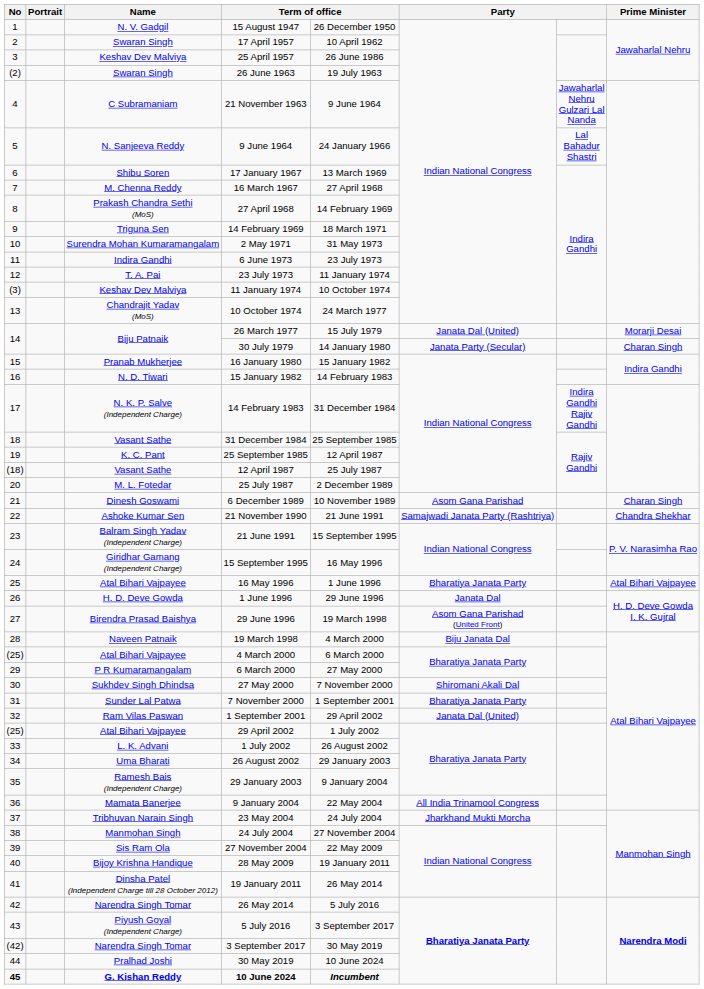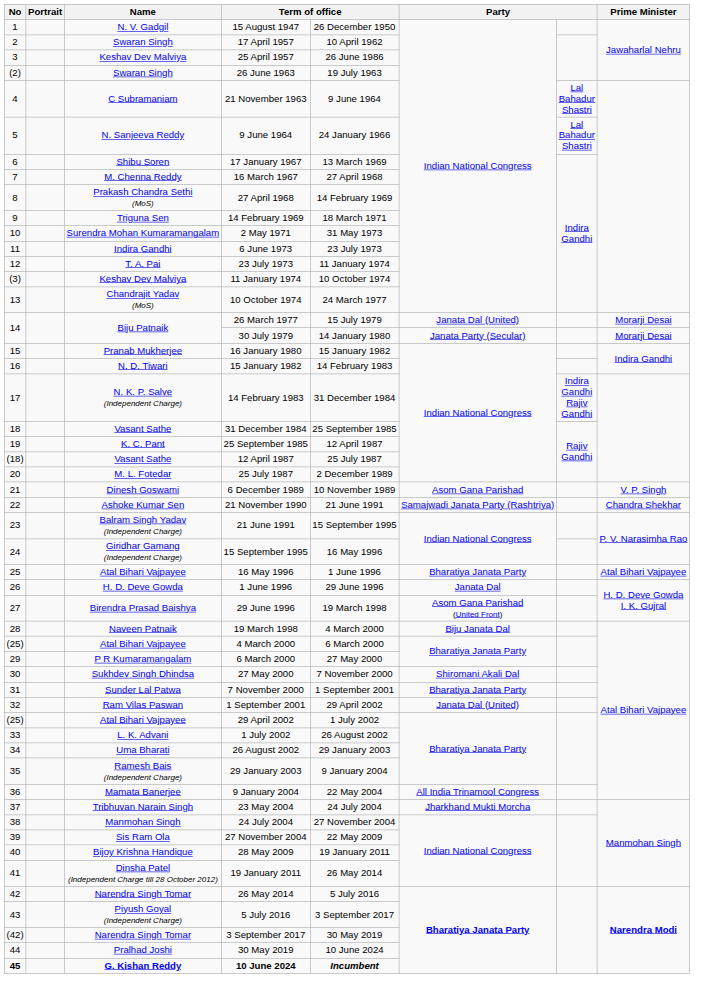 <table class="wikitable" style="text-align:center">
 <tr>
 <th>No</th>
 <th>Portrait</th>
 <th>Name</th>
 <th colspan=2>Term of office</th>
 <th colspan=2>Party</th>
 <th>Prime Minister</th>
 </tr>
 <tr>
 <td>1</td>
 <td></td>
 <td><a href='#'>N. V. Gadgil</a></td>
 <td>15 August 1947</td>
 <td>26 December 1950</td>
 <td rowspan=15><a href='#'>Indian National Congress</a></td>
 <td width="4px"></td>
 <td rowspan=4><a href='#'>Jawaharlal Nehru</a></td>
 </tr>
 <tr>
 <td>2</td>
 <td></td>
 <td><a href='#'>Swaran Singh</a></td>
 <td>17 April 1957</td>
 <td>10 April 1962</td>
 </tr>
 <tr>
 <td>3</td>
 <td></td>
 <td><a href='#'>Keshav Dev Malviya</a></td>
 <td>25 April 1957</td>
 <td>26 June 1986</td>
 </tr>
 <tr>
 <td>(2)</td>
 <td></td>
 <td><a href='#'>Swaran Singh</a></td>
 <td>26 June 1963</td>
 <td>19 July 1963</td>
 </tr>
 <tr>
 <td>4</td>
 <td></td>
 <td><a href='#'>C Subramaniam</a></td>
 <td>21 November 1963</td>
 <td>9 June 1964</td>
-<td rowspan=1><a href='#'>Jawaharlal Nehru</a><br><a href='#'>Gulzari Lal Nanda</a></td>
+<td rowspan=1><a href='#'>Lal Bahadur Shastri</a></td>
 </tr>
 <tr>
 <td>5</td>
 <td></td>
 <td><a href='#'>N. Sanjeeva Reddy</a></td>
 <td>9 June 1964</td>
 <td>24 January 1966</td>
 <td rowspan=1><a href='#'>Lal Bahadur Shastri</a></td>
 </tr>
 <tr>
 <td>6</td>
 <td></td>
 <td><a href='#'>Shibu Soren</a></td>
 <td>17 January 1967</td>
 <td>13 March 1969</td>
 <td rowspan=9><a href='#'>Indira Gandhi</a></td>
 </tr>
 <tr>
 <td>7</td>
 <td></td>
 <td><a href='#'>M. Chenna Reddy</a></td>
 <td>16 March 1967</td>
 <td>27 April 1968</td>
 </tr>
 <tr>
 <td>8</td>
 <td></td>
 <td><a href='#'>Prakash Chandra Sethi</a> <br><small><em>(MoS)</em></small></td>
 <td>27 April 1968</td>
 <td>14 February 1969</td>
 </tr>
 <tr>
 <td>9</td>
 <td></td>
 <td><a href='#'>Triguna Sen</a></td>
 <td>14 February 1969</td>
 <td>18 March 1971</td>
 </tr>
 <tr>
 <td>10</td>
 <td></td>
 <td><a href='#'>Surendra Mohan Kumaramangalam</a></td>
 <td>2 May 1971</td>
 <td>31 May 1973</td>
 </tr>
 <tr>
 <td>11</td>
 <td></td>
 <td><a href='#'>Indira Gandhi</a></td>
 <td>6 June 1973</td>
 <td>23 July 1973</td>
 </tr>
 <tr>
 <td>12</td>
 <td></td>
 <td><a href='#'>T. A. Pai</a></td>
 <td>23 July 1973</td>
 <td>11 January 1974</td>
 </tr>
 <tr>
 <td>(3)</td>
 <td></td>
 <td><a href='#'>Keshav Dev Malviya</a></td>
 <td>11 January 1974</td>
 <td>10 October 1974</td>
 </tr>
 <tr>
 <td>13</td>
 <td></td>
 <td><a href='#'>Chandrajit Yadav</a><br><small><em>(MoS)</em></small></td>
 <td>10 October 1974</td>
 <td>24 March 1977</td>
 </tr>
 <tr>
 <td rowspan="2">14</td>
 <td rowspan="2"></td>
 <td rowspan="2"><a href='#'>Biju Patnaik</a></td>
 <td>26 March 1977</td>
 <td>15 July 1979</td>
 <td rowspan="1"><a href='#'>Janata Dal (United)</a></td>
 <td width="4px"></td>
 <td><a href='#'>Morarji Desai</a></td>
 </tr>
 <tr>
 <td>30 July 1979</td>
 <td>14 January 1980</td>
 <td><a href='#'>Janata Party (Secular)</a></td>
 <td width="4px"></td>
-<td><a href='#'>Charan Singh</a></td>
+<td><a href='#'>Morarji Desai</a></td>
 </tr>
 <tr>
 <td>15</td>
 <td></td>
 <td><a href='#'>Pranab Mukherjee</a></td>
 <td>16 January 1980</td>
 <td>15 January 1982</td>
 <td rowspan="7"><a href='#'>Indian National Congress</a></td>
 <td width="4px"></td>
 <td rowspan="2"><a href='#'>Indira Gandhi</a></td>
 </tr>
 <tr>
 <td>16</td>
 <td></td>
 <td><a href='#'>N. D. Tiwari</a></td>
 <td>15 January 1982</td>
 <td>14 February 1983</td>
 </tr>
 <tr>
 <td>17</td>
 <td></td>
 <td><a href='#'>N. K. P. Salve</a> <br><small><em>(Independent Charge)</em></small></td>
 <td>14 February 1983</td>
 <td>31 December 1984</td>
 <td rowspan="1"><a href='#'>Indira Gandhi</a> <br> <a href='#'>Rajiv Gandhi</a></td>
 </tr>
 <tr>
 <td>18</td>
 <td></td>
 <td><a href='#'>Vasant Sathe</a></td>
 <td>31 December 1984</td>
 <td>25 September 1985</td>
 <td rowspan="4"><a href='#'>Rajiv Gandhi</a></td>
 </tr>
 <tr>
 <td>19</td>
 <td></td>
 <td><a href='#'>K. C. Pant</a></td>
 <td>25 September 1985</td>
 <td>12 April 1987</td>
 </tr>
 <tr>
 <td>(18)</td>
 <td></td>
 <td><a href='#'>Vasant Sathe</a></td>
 <td>12 April 1987</td>
 <td>25 July 1987</td>
 </tr>
 <tr>
 <td>20</td>
 <td></td>
 <td><a href='#'>M. L. Fotedar</a></td>
 <td>25 July 1987</td>
 <td>2 December 1989</td>
 </tr>
 <tr>
 <td>21</td>
 <td></td>
 <td><a href='#'>Dinesh Goswami</a></td>
 <td>6 December 1989</td>
 <td>10 November 1989</td>
 <td rowspan="1"><a href='#'>Asom Gana Parishad</a></td>
 <td width="4px"></td>
-<td><a href='#'>Charan Singh</a></td>
+<td rowspan="1"><a href='#'>V. P. Singh</a></td>
 </tr>
 <tr>
 <td>22</td>
 <td></td>
 <td><a href='#'>Ashoke Kumar Sen</a></td>
 <td>21 November 1990</td>
 <td>21 June 1991</td>
 <td rowspan=1><a href='#'>Samajwadi Janata Party (Rashtriya)</a></td>
 <td width="4px"></td>
 <td rowspan=1><a href='#'>Chandra Shekhar</a></td>
 </tr>
 <tr>
 <td>23</td>
 <td></td>
 <td><a href='#'>Balram Singh Yadav</a> <br> <small><em>(Independent Charge)</em></small></td>
 <td>21 June 1991</td>
 <td>15 September 1995</td>
 <td rowspan=2><a href='#'>Indian National Congress</a></td>
 <td width="4px"></td>
 <td rowspan=2><a href='#'>P. V. Narasimha Rao</a></td>
 </tr>
 <tr>
 <td>24</td>
 <td></td>
 <td><a href='#'>Giridhar Gamang</a>  <br> <small><em>(Independent Charge)</em></small></td>
 <td>15 September 1995</td>
 <td>16 May 1996</td>
 </tr>
 <tr>
 <td>25</td>
 <td></td>
 <td><a href='#'>Atal Bihari Vajpayee</a></td>
 <td>16 May 1996</td>
 <td>1 June 1996</td>
 <td rowspan="1"><a href='#'>Bharatiya Janata Party</a></td>
 <td width="4px"></td>
 <td rowspan="1"><a href='#'>Atal Bihari Vajpayee</a></td>
 </tr>
 <tr>
 <td>26</td>
 <td></td>
 <td><a href='#'>H. D. Deve Gowda</a></td>
 <td>1 June 1996</td>
 <td>29 June 1996</td>
 <td><a href='#'>Janata Dal</a></td>
 <td></td>
 <td rowspan="2"><a href='#'>H. D. Deve Gowda</a><br><a href='#'>I. K. Gujral</a></td>
 </tr>
 <tr>
 <td>27</td>
 <td></td>
 <td><a href='#'>Birendra Prasad Baishya</a></td>
 <td>29 June 1996</td>
 <td>19 March 1998</td>
 <td rowspan="1"><a href='#'>Asom Gana Parishad</a><br> <small>(<a href='#'>United Front</a>)</small></td>
 <td rowspan="1" width="4px"></td>
 </tr>
 <tr>
 <td>28</td>
 <td></td>
 <td><a href='#'>Naveen Patnaik</a></td>
 <td>19 March 1998</td>
 <td>4 March 2000</td>
 <td rowspan="1"><a href='#'>Biju Janata Dal</a></td>
 <td rowspan="1" width="4px"></td>
 <td rowspan="11"><a href='#'>Atal Bihari Vajpayee</a></td>
 </tr>
 <tr>
 <td>(25)</td>
 <td></td>
 <td><a href='#'>Atal Bihari Vajpayee</a></td>
 <td>4 March 2000</td>
 <td>6 March 2000</td>
 <td rowspan="2"><a href='#'>Bharatiya Janata Party</a></td>
 <td rowspan="2"></td>
 </tr>
 <tr>
 <td>29</td>
 <td></td>
 <td><a href='#'>P R Kumaramangalam</a></td>
 <td>6 March 2000</td>
 <td>27 May 2000</td>
 </tr>
 <tr>
 <td>30</td>
 <td></td>
 <td><a href='#'>Sukhdev Singh Dhindsa</a></td>
 <td>27 May 2000</td>
 <td>7 November 2000</td>
 <td rowspan="1"><a href='#'>Shiromani Akali Dal</a></td>
 <td rowspan="1" width="4px"></td>
 </tr>
 <tr>
 <td>31</td>
 <td></td>
 <td><a href='#'>Sunder Lal Patwa</a></td>
 <td>7 November 2000</td>
 <td>1 September 2001</td>
 <td rowspan="1"><a href='#'>Bharatiya Janata Party</a></td>
 <td rowspan="1" width="4px"></td>
 </tr>
 <tr>
 <td>32</td>
 <td></td>
 <td><a href='#'>Ram Vilas Paswan</a></td>
 <td>1 September 2001</td>
 <td>29 April 2002</td>
 <td rowspan="1"><a href='#'>Janata Dal (United)</a></td>
 <td rowspan="1" width="4px"></td>
 </tr>
 <tr>
 <td>(25)</td>
 <td></td>
 <td><a href='#'>Atal Bihari Vajpayee</a></td>
 <td>29 April 2002</td>
 <td>1 July 2002</td>
 <td rowspan="4"><a href='#'>Bharatiya Janata Party</a></td>
 <td rowspan="4" width="4px"></td>
 </tr>
 <tr>
 <td>33</td>
 <td></td>
 <td><a href='#'>L. K. Advani</a></td>
 <td>1 July 2002</td>
 <td>26 August 2002</td>
 </tr>
 <tr>
 <td>34</td>
 <td></td>
 <td><a href='#'>Uma Bharati</a></td>
 <td>26 August 2002</td>
 <td>29 January 2003</td>
 </tr>
 <tr>
 <td>35</td>
 <td></td>
 <td><a href='#'>Ramesh Bais</a> <br> <small><em>(Independent Charge)</em></small></td>
 <td>29 January 2003</td>
 <td>9 January 2004</td>
 </tr>
 <tr>
 <td>36</td>
 <td></td>
 <td><a href='#'>Mamata Banerjee</a></td>
 <td>9 January 2004</td>
 <td>22 May 2004</td>
 <td rowspan="1"><a href='#'>All India Trinamool Congress</a></td>
 <td rowspan="1" width="4px"></td>
 </tr>
 <tr>
 <td>37</td>
 <td></td>
 <td><a href='#'>Tribhuvan Narain Singh</a></td>
 <td>23 May 2004</td>
 <td>24 July 2004</td>
 <td rowspan="1"><a href='#'>Jharkhand Mukti Morcha</a></td>
 <td rowspan="1" width="4px"></td>
 <td rowspan="5"><a href='#'>Manmohan Singh</a></td>
 </tr>
 <tr>
 <td>38</td>
 <td></td>
 <td><a href='#'>Manmohan Singh</a></td>
 <td>24 July 2004</td>
 <td>27 November 2004</td>
 <td rowspan="4"><a href='#'>Indian National Congress</a></td>
 <td rowspan="4" width="4px"></td>
 </tr>
 <tr>
 <td>39</td>
 <td></td>
 <td><a href='#'>Sis Ram Ola</a></td>
 <td>27 November 2004</td>
 <td>22 May 2009</td>
 </tr>
 <tr>
 <td>40</td>
 <td></td>
 <td><a href='#'>Bijoy Krishna Handique</a></td>
 <td>28 May 2009</td>
 <td>19 January 2011</td>
 </tr>
 <tr>
 <td>41</td>
 <td></td>
 <td><a href='#'>Dinsha Patel</a> <br>  <small><em>(Independent Charge till 28 October 2012)</em></small></td>
 <td>19 January 2011</td>
 <td>26 May 2014</td>
 </tr>
 <tr>
 <td>42</td>
 <td></td>
 <td><a href='#'>Narendra Singh Tomar</a></td>
 <td>26 May 2014</td>
 <td>5 July 2016</td>
 <td rowspan="5"><strong><a href='#'>Bharatiya Janata Party</a></strong></td>
 <td rowspan="5" width="4px"></td>
 <td rowspan="5"><strong><a href='#'>Narendra Modi</a></strong></td>
 </tr>
 <tr>
 <td>43</td>
 <td></td>
 <td><a href='#'>Piyush Goyal</a> <br><small><em>(Independent Charge)</em></small></td>
 <td>5 July 2016</td>
 <td>3 September 2017</td>
 </tr>
 <tr>
 <td>(42)</td>
 <td></td>
 <td><a href='#'>Narendra Singh Tomar</a></td>
 <td>3 September 2017</td>
 <td>30 May 2019</td>
 </tr>
 <tr>
 <td>44</td>
 <td></td>
 <td><a href='#'>Pralhad Joshi</a></td>
 <td>30 May 2019</td>
 <td>10 June 2024</td>
 </tr>
 <tr>
 <td><strong>45</strong></td>
 <td></td>
 <td><strong><a href='#'>G. Kishan Reddy</a></strong></td>
 <td><strong>10 June 2024</strong></td>
 <td><strong><em>Incumbent</em></strong></td>
 </tr>
 </table>
